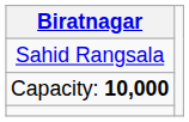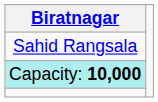 <table class="wikitable" style="text-align:center;margin:1em auto;">
 <tr>
 <th><a href='#'>Biratnagar</a></th>
 <td rowspan="4"></td>
 </tr>
 <tr>
 <td><a href='#'>Sahid Rangsala</a></td>
 </tr>
 <tr>
-<td>Capacity: <strong>10,000</strong></td>
+<td style="background: paleturquoise;">Capacity: <strong>10,000</strong></td>
 </tr>
 <tr>
 <td></td>
 </tr>
 </table>
